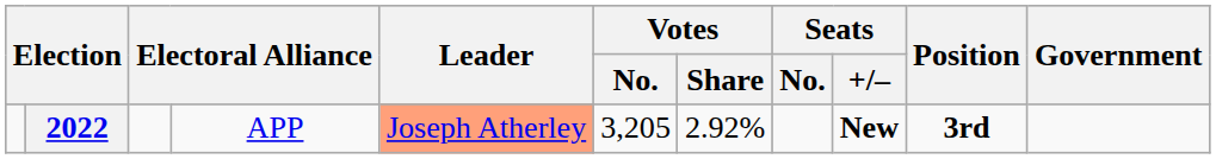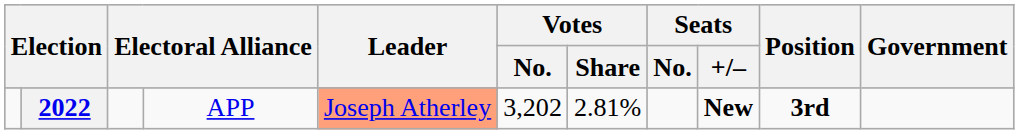 <table class="wikitable" style="text-align:center">
 <tr>
 <th colspan="2" rowspan="2">Election</th>
 <th colspan="3" rowspan="2">Electoral Alliance</th>
 <th rowspan="2">Leader</th>
 <th colspan="2">Votes</th>
 <th colspan="2">Seats</th>
 <th rowspan="2">Position</th>
 <th rowspan="2">Government</th>
 </tr>
 <tr>
 <th>No.</th>
 <th>Share</th>
 <th>No.</th>
 <th>+/–</th>
 </tr>
 <tr>
 <td></td>
 <th><a href='#'>2022</a></th>
 <td colspan="2" style="background:"></td>
 <td><a href='#'>APP</a></td>
 <td style="background: lightsalmon;"><a href='#'>Joseph Atherley</a></td>
-<td style="text-align:right;">3,205</td>
-<td style="text-align:right;">2.92%</td>
+<td style="text-align:right;">3,202</td>
+<td style="text-align:right;">2.81%</td>
 <td></td>
 <td><strong>New</strong></td>
 <td><strong>3rd</strong></td>
 <td></td>
 </tr>
 </table>
